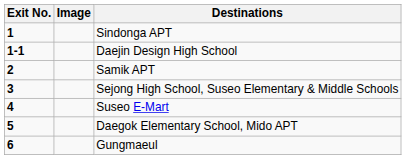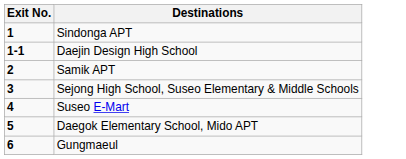 <table class="wikitable">
 <tr>
 <th>Exit No.</th>
-<th>Image</th>
 <th>Destinations</th>
 </tr>
 <tr>
 <td><span><strong>1</strong></span></td>
-<td></td>
 <td>Sindonga APT</td>
 </tr>
 <tr>
 <td><span><strong>1-1</strong></span></td>
-<td></td>
 <td>Daejin Design High School</td>
 </tr>
 <tr>
 <td><span><strong>2</strong></span></td>
-<td></td>
 <td>Samik APT</td>
 </tr>
 <tr>
 <td><span><strong>3</strong></span></td>
-<td></td>
 <td>Sejong High School, Suseo Elementary & Middle Schools</td>
 </tr>
 <tr>
 <td><span><strong>4</strong></span></td>
-<td></td>
 <td>Suseo <a href='#'>E-Mart</a></td>
 </tr>
 <tr>
 <td><span><strong>5</strong></span></td>
-<td></td>
 <td>Daegok Elementary School, Mido APT</td>
 </tr>
 <tr>
 <td><span><strong>6</strong></span></td>
-<td></td>
 <td>Gungmaeul</td>
 </tr>
 </table>
